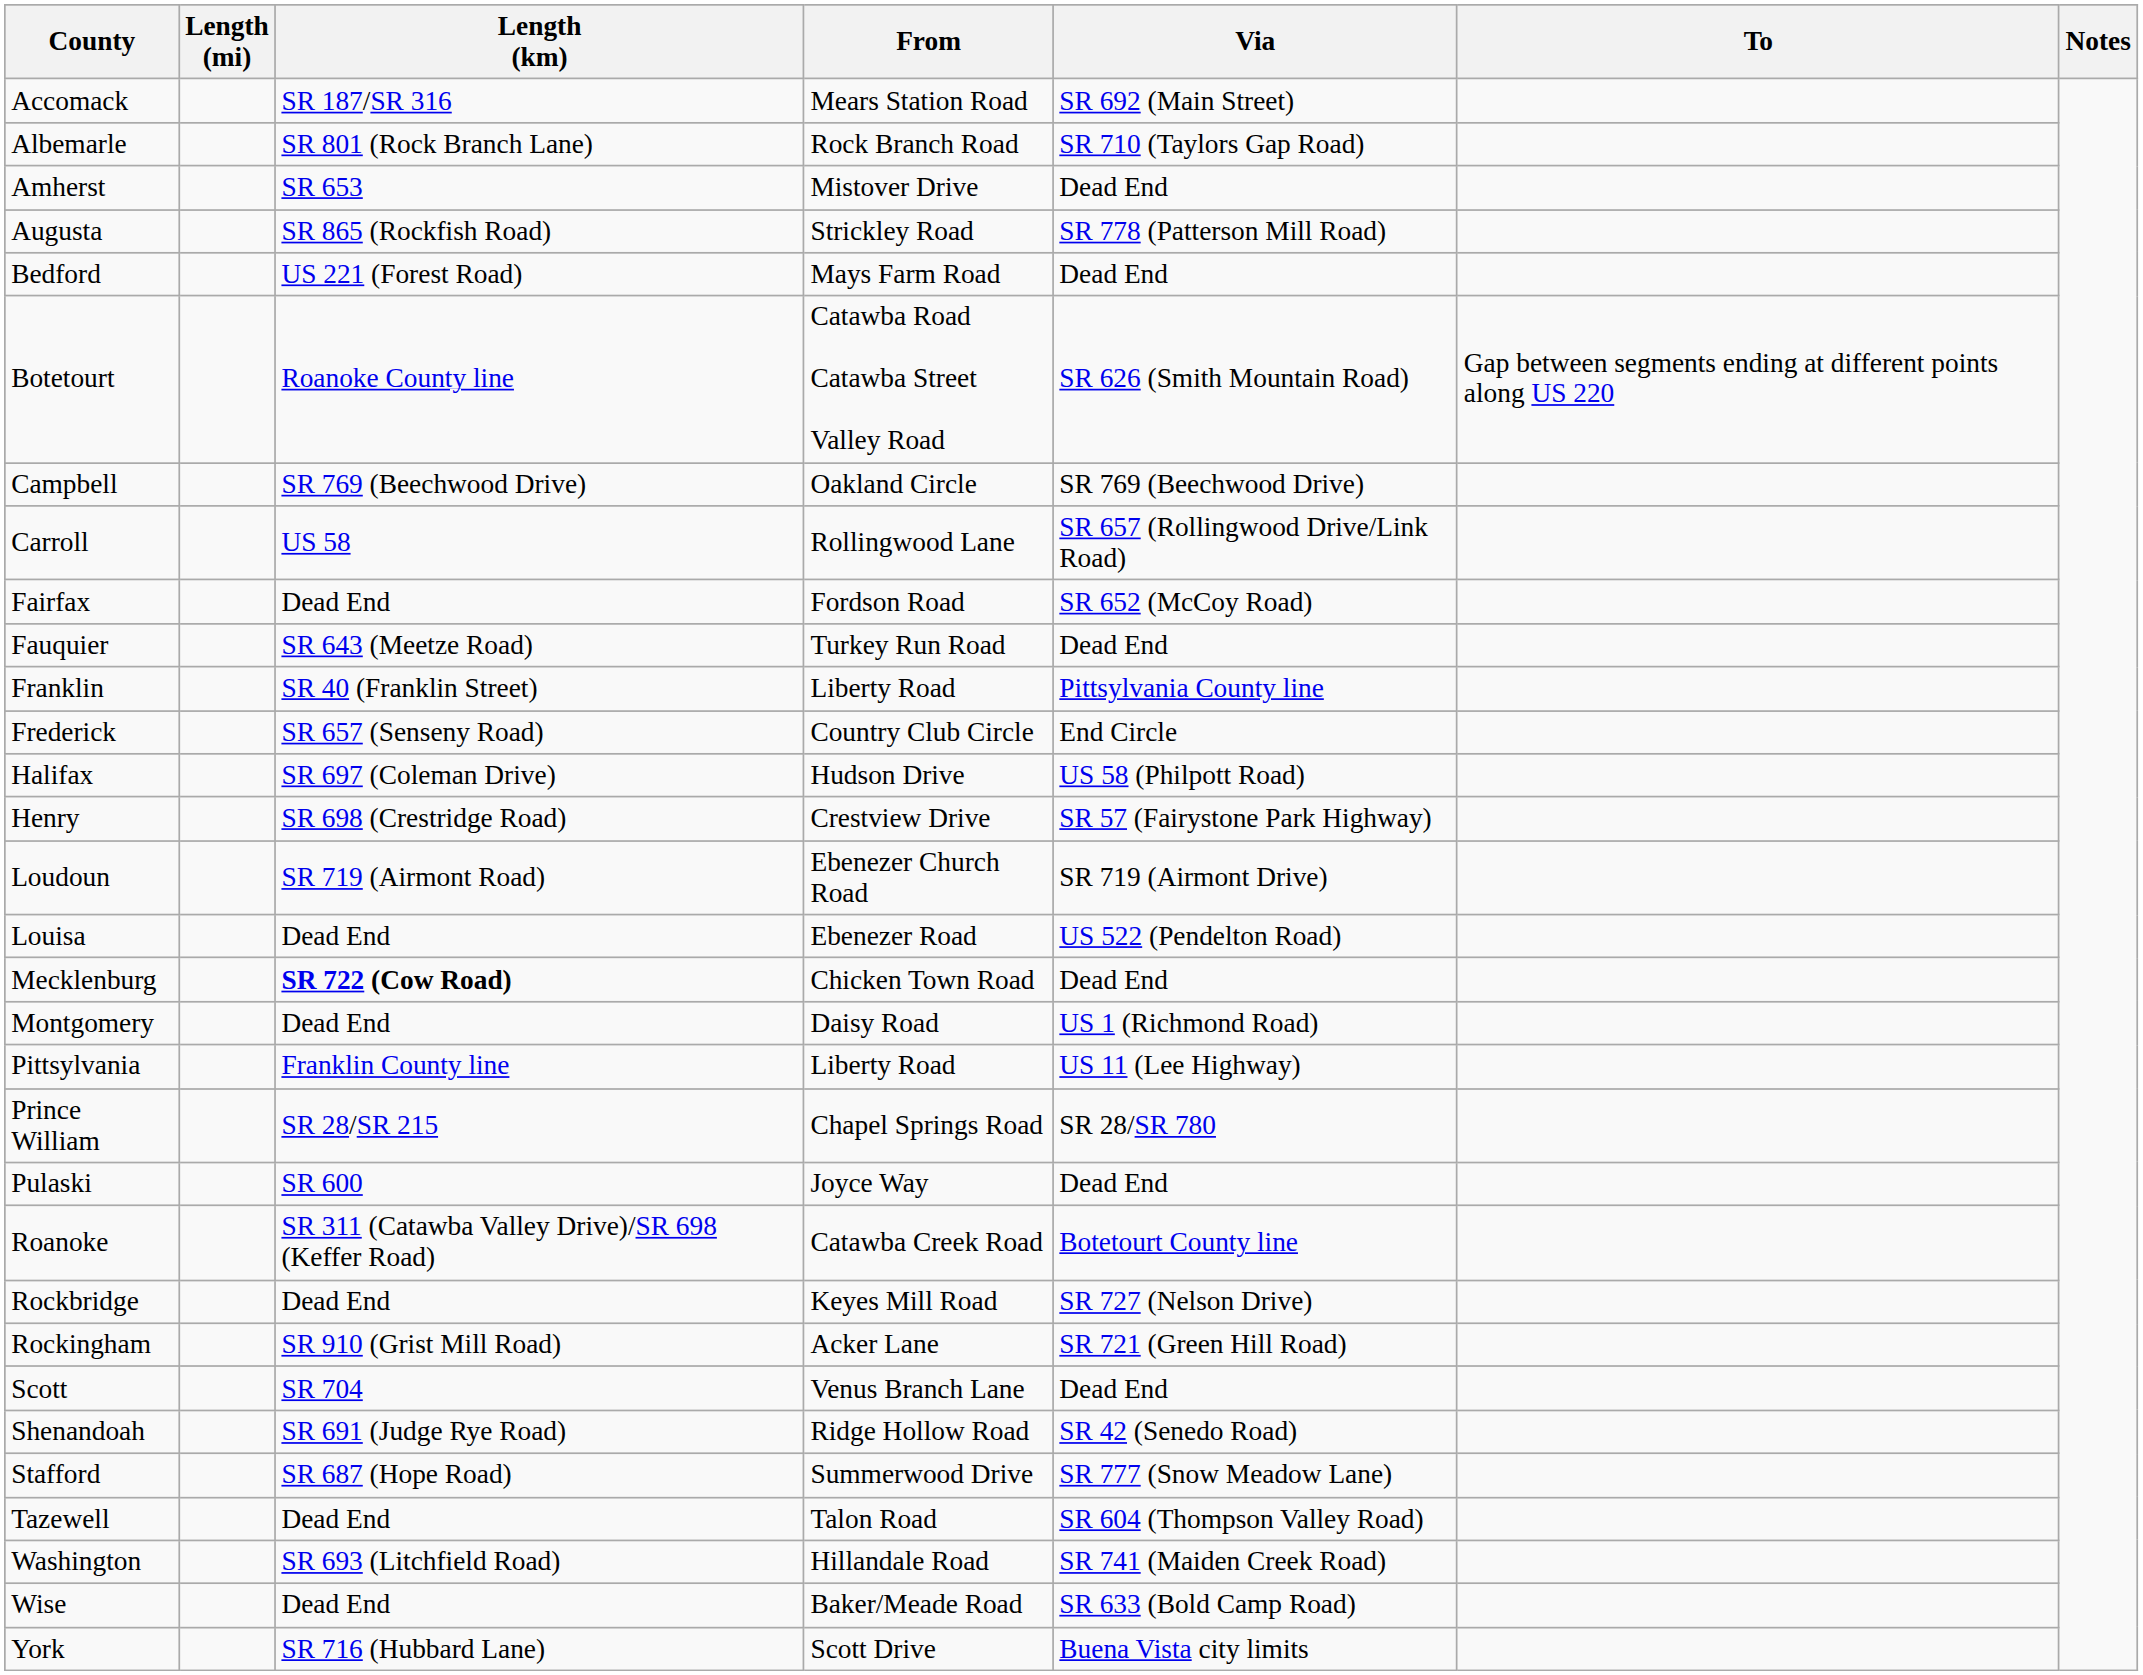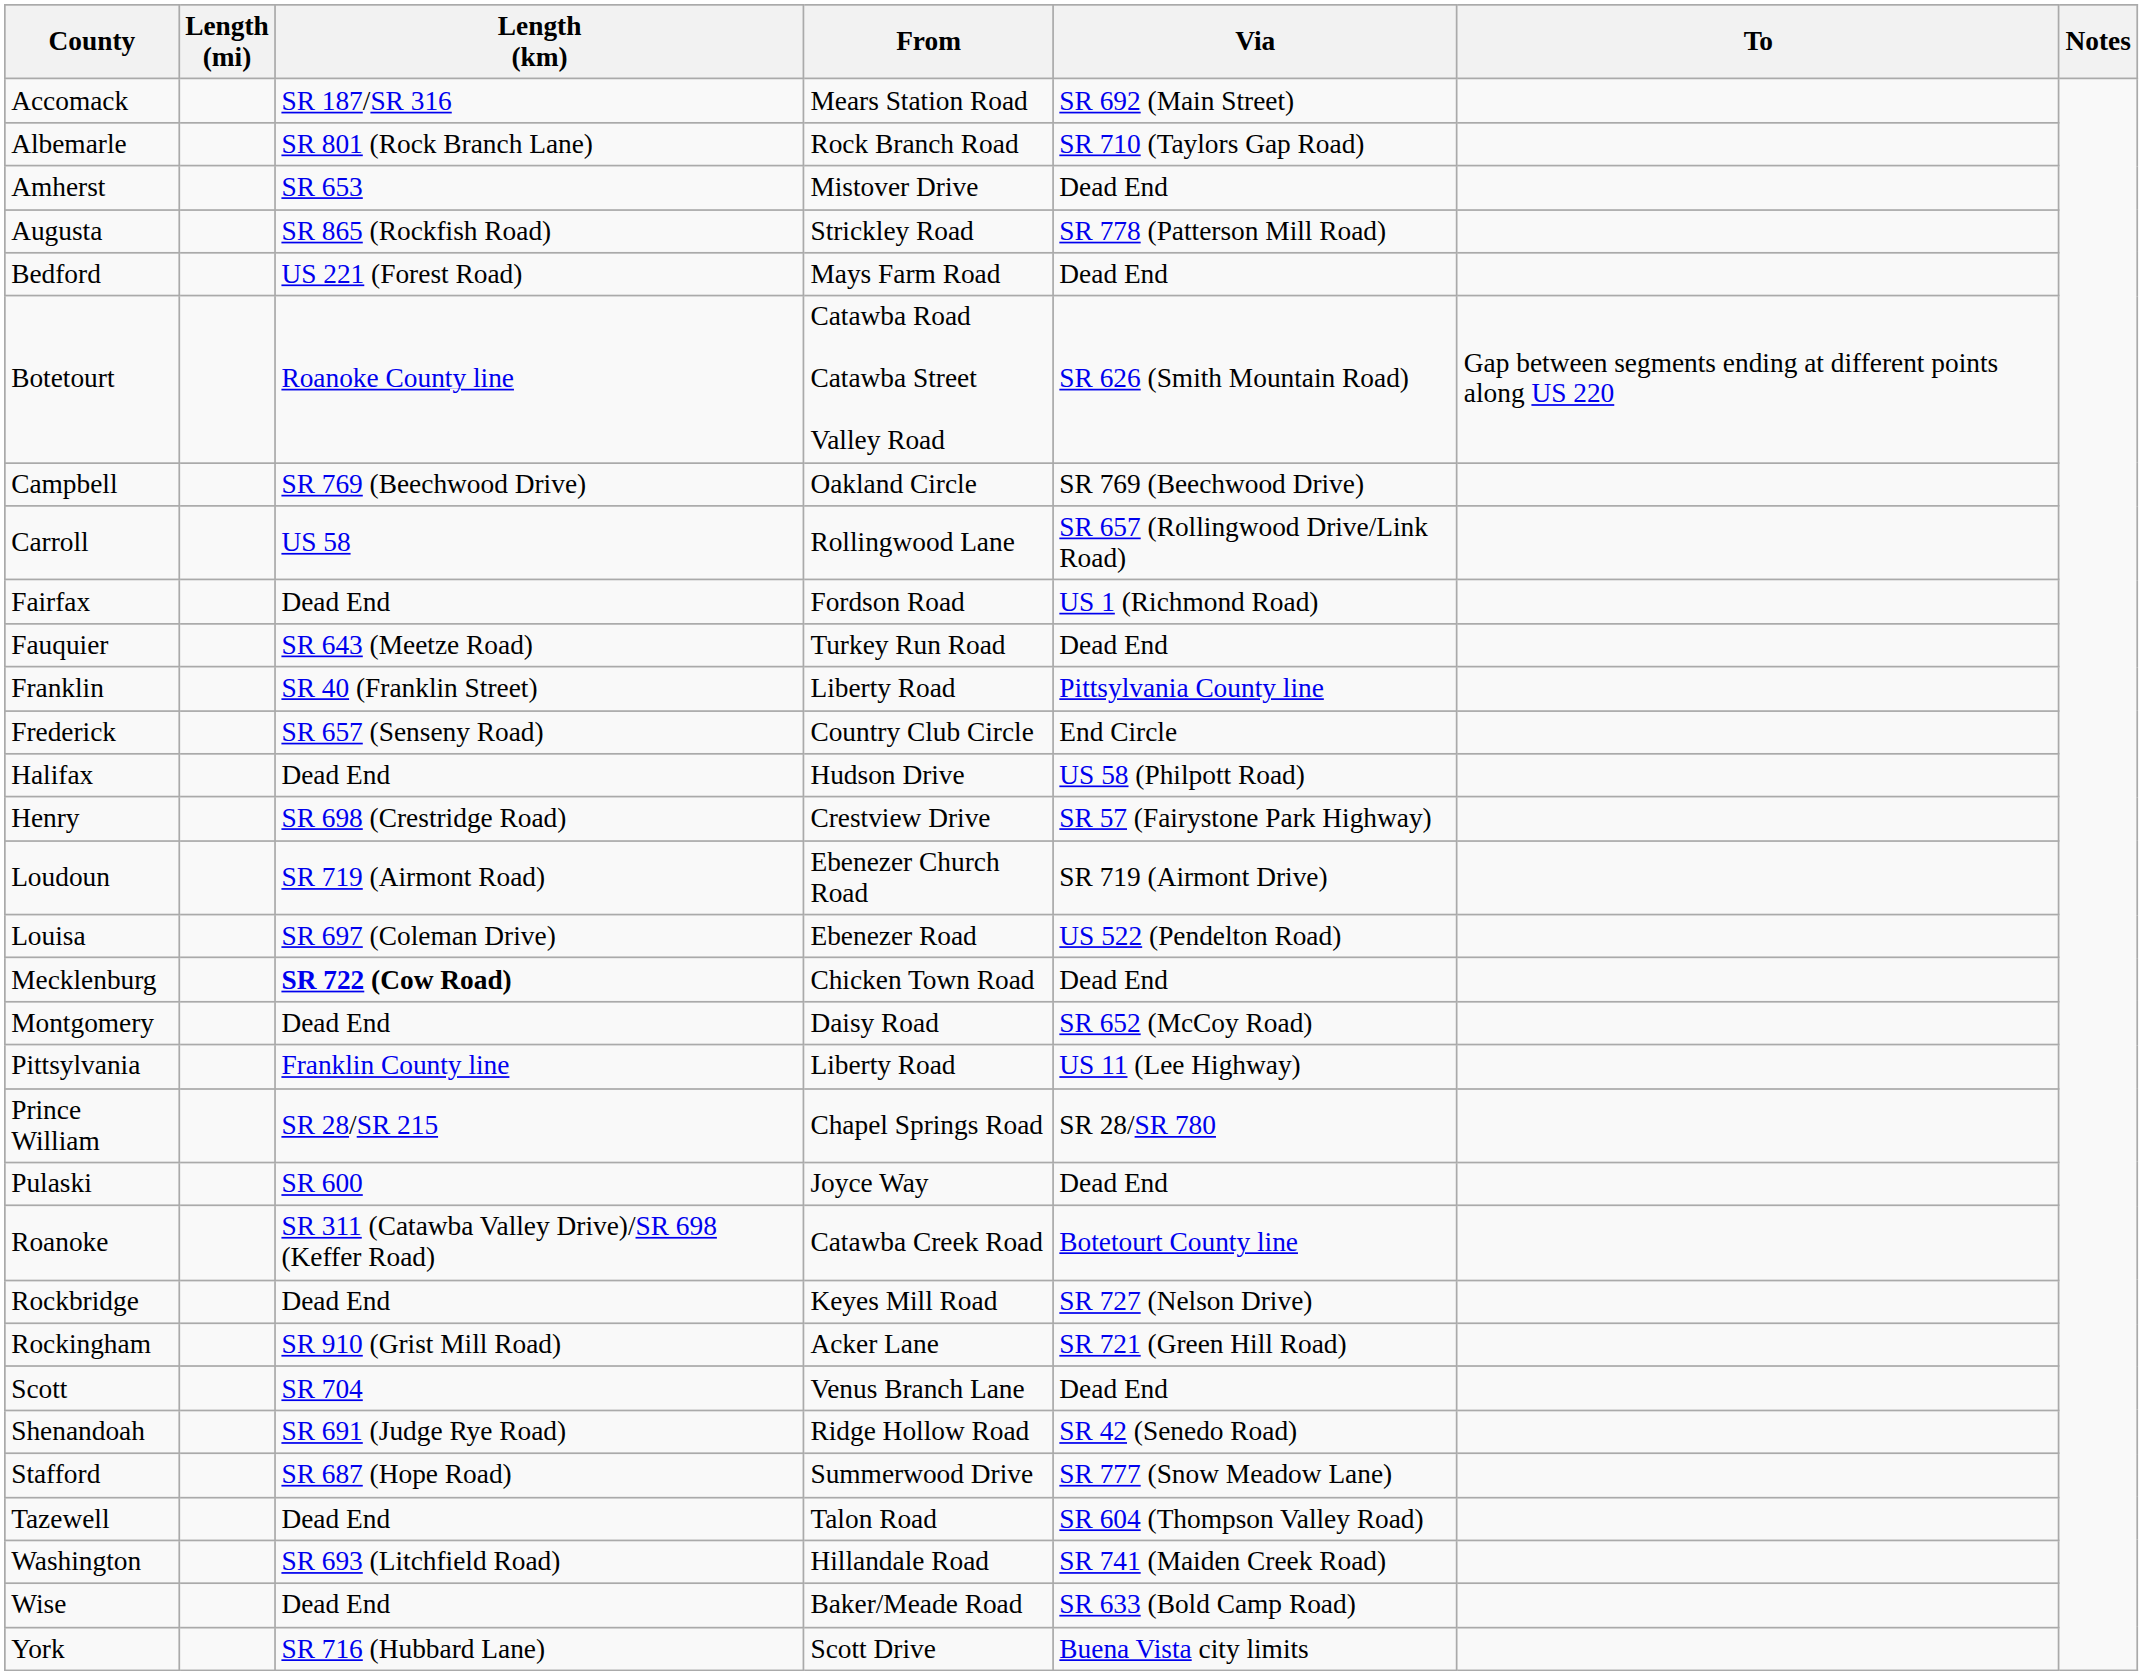 <table class="wikitable sortable">
 <tr>
 <th>County</th>
 <th>Length<br>(mi)</th>
 <th>Length<br>(km)</th>
 <th class="unsortable">From</th>
 <th class="unsortable">Via</th>
 <th class="unsortable">To</th>
 <th class="unsortable">Notes</th>
 </tr>
 <tr>
 <td id="Accomack">Accomack</td>
 <td></td>
 <td><a href='#'>SR 187</a>/<a href='#'>SR 316</a></td>
 <td>Mears Station Road</td>
 <td><a href='#'>SR 692</a> (Main Street)</td>
 <td></td>
 </tr>
 <tr>
 <td id="Albemarle">Albemarle</td>
 <td></td>
 <td><a href='#'>SR 801</a> (Rock Branch Lane)</td>
 <td>Rock Branch Road</td>
 <td><a href='#'>SR 710</a> (Taylors Gap Road)</td>
 <td><br> </td>
 </tr>
 <tr>
 <td id="Amherst">Amherst</td>
 <td></td>
 <td><a href='#'>SR 653</a></td>
 <td>Mistover Drive</td>
 <td>Dead End</td>
 <td><br> </td>
 </tr>
 <tr>
 <td id="Augusta">Augusta</td>
 <td></td>
 <td><a href='#'>SR 865</a> (Rockfish Road)</td>
 <td>Strickley Road</td>
 <td><a href='#'>SR 778</a> (Patterson Mill Road)</td>
 <td><br></td>
 </tr>
 <tr>
 <td id="Bedford">Bedford</td>
 <td></td>
 <td><a href='#'>US 221</a> (Forest Road)</td>
 <td>Mays Farm Road</td>
 <td>Dead End</td>
 <td><br></td>
 </tr>
 <tr>
 <td id="Botetourt">Botetourt</td>
 <td></td>
 <td><a href='#'>Roanoke County line</a></td>
 <td>Catawba Road<br><br>Catawba Street<br><br>Valley Road</td>
 <td><a href='#'>SR 626</a> (Smith Mountain Road)</td>
 <td>Gap between segments ending at different points along <a href='#'>US 220</a><br>  </td>
 </tr>
 <tr>
 <td id="Campbell">Campbell</td>
 <td></td>
 <td><a href='#'>SR 769</a> (Beechwood Drive)</td>
 <td>Oakland Circle</td>
 <td>SR 769 (Beechwood Drive)</td>
 <td><br></td>
 </tr>
 <tr>
 <td id="Carroll">Carroll</td>
 <td></td>
 <td><a href='#'>US 58</a></td>
 <td>Rollingwood Lane</td>
 <td><a href='#'>SR 657</a> (Rollingwood Drive/Link Road)</td>
 <td><br>         </td>
 </tr>
 <tr>
 <td id="Fairfax">Fairfax</td>
 <td></td>
 <td>Dead End</td>
 <td>Fordson Road</td>
-<td><a href='#'>SR 652</a> (McCoy Road)</td>
+<td><a href='#'>US 1</a> (Richmond Road)</td>
 <td></td>
 </tr>
 <tr>
 <td id="Fauquier">Fauquier</td>
 <td></td>
 <td><a href='#'>SR 643</a> (Meetze Road)</td>
 <td>Turkey Run Road</td>
 <td>Dead End</td>
 <td><br> </td>
 </tr>
 <tr>
 <td id="Franklin">Franklin</td>
 <td></td>
 <td><a href='#'>SR 40</a> (Franklin Street)</td>
 <td>Liberty Road</td>
 <td><a href='#'>Pittsylvania County line</a></td>
 <td></td>
 </tr>
 <tr>
 <td id="Frederick">Frederick</td>
 <td></td>
 <td><a href='#'>SR 657</a> (Senseny Road)</td>
 <td>Country Club Circle</td>
 <td>End Circle</td>
 <td><br>     </td>
 </tr>
 <tr>
 <td id="Halifax">Halifax</td>
 <td></td>
-<td><a href='#'>SR 697</a> (Coleman Drive)</td>
+<td>Dead End</td>
 <td>Hudson Drive</td>
 <td><a href='#'>US 58</a> (Philpott Road)</td>
 <td><br> </td>
 </tr>
 <tr>
 <td id="Henry">Henry</td>
 <td></td>
 <td><a href='#'>SR 698</a> (Crestridge Road)</td>
 <td>Crestview Drive</td>
 <td><a href='#'>SR 57</a> (Fairystone Park Highway)</td>
 <td><br>       </td>
 </tr>
 <tr>
 <td id="Loudoun">Loudoun</td>
 <td></td>
 <td><a href='#'>SR 719</a> (Airmont Road)</td>
 <td>Ebenezer Church Road</td>
 <td>SR 719 (Airmont Drive)</td>
 <td></td>
 </tr>
 <tr>
 <td id="Louisa">Louisa</td>
 <td></td>
-<td>Dead End</td>
+<td><a href='#'>SR 697</a> (Coleman Drive)</td>
 <td>Ebenezer Road</td>
 <td><a href='#'>US 522</a> (Pendelton Road)</td>
 <td><br>  </td>
 </tr>
 <tr>
 <td id="Mecklenburg">Mecklenburg</td>
 <td></td>
 <td><strong><a href='#'>SR 722</a> (Cow Road)</strong></td>
 <td>Chicken Town Road</td>
 <td>Dead End</td>
 <td><br></td>
 </tr>
 <tr>
 <td id="Montgomery">Montgomery</td>
 <td></td>
 <td>Dead End</td>
 <td>Daisy Road</td>
-<td><a href='#'>US 1</a> (Richmond Road)</td>
+<td><a href='#'>SR 652</a> (McCoy Road)</td>
 <td><br>       </td>
 </tr>
 <tr>
 <td id="Pittsylvania">Pittsylvania</td>
 <td></td>
 <td><a href='#'>Franklin County line</a></td>
 <td>Liberty Road</td>
 <td><a href='#'>US 11</a> (Lee Highway)</td>
 <td><br>  </td>
 </tr>
 <tr>
 <td id="Prince William">Prince William</td>
 <td></td>
 <td><a href='#'>SR 28</a>/<a href='#'>SR 215</a></td>
 <td>Chapel Springs Road</td>
 <td>SR 28/<a href='#'>SR 780</a></td>
 <td></td>
 </tr>
 <tr>
 <td id="Pulaski">Pulaski</td>
 <td></td>
 <td><a href='#'>SR 600</a></td>
 <td>Joyce Way</td>
 <td>Dead End</td>
 <td><br> </td>
 </tr>
 <tr>
 <td id="Roanoke">Roanoke</td>
 <td></td>
 <td><a href='#'>SR 311</a> (Catawba Valley Drive)/<a href='#'>SR 698</a> (Keffer Road)</td>
 <td>Catawba Creek Road</td>
 <td><a href='#'>Botetourt County line</a></td>
 <td></td>
 </tr>
 <tr>
 <td id="Rockbridge">Rockbridge</td>
 <td></td>
 <td>Dead End</td>
 <td>Keyes Mill Road</td>
 <td><a href='#'>SR 727</a> (Nelson Drive)</td>
 <td></td>
 </tr>
 <tr>
 <td id="Rockingham">Rockingham</td>
 <td></td>
 <td><a href='#'>SR 910</a> (Grist Mill Road)</td>
 <td>Acker Lane</td>
 <td><a href='#'>SR 721</a> (Green Hill Road)</td>
 <td><br></td>
 </tr>
 <tr>
 <td id="Scott">Scott</td>
 <td></td>
 <td><a href='#'>SR 704</a></td>
 <td>Venus Branch Lane</td>
 <td>Dead End</td>
 <td></td>
 </tr>
 <tr>
 <td id="Shenandoah">Shenandoah</td>
 <td></td>
 <td><a href='#'>SR 691</a> (Judge Rye Road)</td>
 <td>Ridge Hollow Road</td>
 <td><a href='#'>SR 42</a> (Senedo Road)</td>
 <td><br>  </td>
 </tr>
 <tr>
 <td id="Stafford">Stafford</td>
 <td></td>
 <td><a href='#'>SR 687</a> (Hope Road)</td>
 <td>Summerwood Drive</td>
 <td><a href='#'>SR 777</a> (Snow Meadow Lane)</td>
 <td><br> </td>
 </tr>
 <tr>
 <td id="Tazewell">Tazewell</td>
 <td></td>
 <td>Dead End</td>
 <td>Talon Road</td>
 <td><a href='#'>SR 604</a> (Thompson Valley Road)</td>
 <td><br></td>
 </tr>
 <tr>
 <td id="Washington">Washington</td>
 <td></td>
 <td><a href='#'>SR 693</a> (Litchfield Road)</td>
 <td>Hillandale Road</td>
 <td><a href='#'>SR 741</a> (Maiden Creek Road)</td>
 <td><br></td>
 </tr>
 <tr>
 <td id="Wise">Wise</td>
 <td></td>
 <td>Dead End</td>
 <td>Baker/Meade Road</td>
 <td><a href='#'>SR 633</a> (Bold Camp Road)</td>
 <td><br></td>
 </tr>
 <tr>
 <td id="York">York</td>
 <td></td>
 <td><a href='#'>SR 716</a> (Hubbard Lane)</td>
 <td>Scott Drive</td>
 <td><a href='#'>Buena Vista</a> city limits</td>
 <td></td>
 </tr>
 </table>
